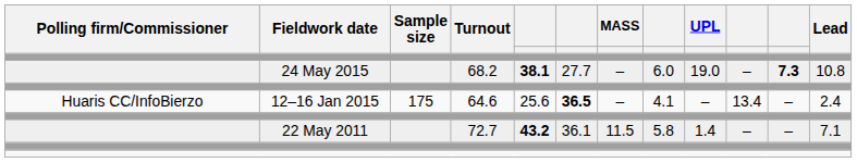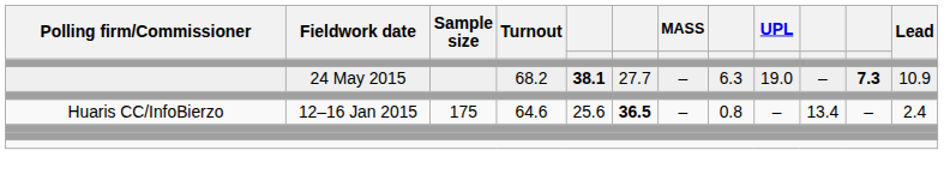 <table class="wikitable collapsible collapsed" style="text-align:center; font-size:95%; line-height:16px;">
 <tr style="height:42px;">
 <th style="width:250px;" rowspan="2">Polling firm/Commissioner</th>
 <th style="width:125px;" rowspan="2">Fieldwork date</th>
 <th style="width:50px;" rowspan="2">Sample size</th>
 <th style="width:45px;" rowspan="2">Turnout</th>
 <th style="width:35px;"></th>
 <th style="width:35px;"></th>
 <th style="width:35px; font-size:90%;">MASS</th>
 <th style="width:35px;"></th>
 <th style="width:35px;"><a href='#'>UPL</a></th>
 <th style="width:35px;"></th>
 <th style="width:35px;"></th>
 <th style="width:30px;" rowspan="2">Lead</th>
 </tr>
 <tr>
 <th style="color:inherit;background:"></th>
 <th style="color:inherit;background:"></th>
 <th style="color:inherit;background:"></th>
 <th style="color:inherit;background:"></th>
 <th style="color:inherit;background:"></th>
 <th style="color:inherit;background:"></th>
 <th style="color:inherit;background:"></th>
 </tr>
 <tr>
 <td colspan="12" style="background:#A0A0A0"></td>
 </tr>
 <tr style="background:#EFEFEF;">
 <td><strong></strong></td>
 <td>24 May 2015</td>
 <td></td>
 <td>68.2</td>
 <td><strong>38.1</strong><br></td>
 <td>27.7<br></td>
 <td>–</td>
-<td>6.0<br></td>
+<td>6.3<br></td>
 <td>19.0<br></td>
 <td>–</td>
 <td><strong>7.3<br></strong></td>
-<td style="background:">10.8</td>
+<td style="background:">10.9</td>
 </tr>
 <tr>
 <td colspan="12" style="background:#A0A0A0"></td>
 </tr>
 <tr>
 <td>Huaris CC/InfoBierzo</td>
 <td>12–16 Jan 2015</td>
 <td>175</td>
 <td>64.6</td>
 <td>25.6</td>
 <td><strong>36.5</strong></td>
 <td>–</td>
-<td>4.1</td>
+<td>0.8</td>
 <td>–</td>
 <td>13.4</td>
 <td>–</td>
 <td style="background:">2.4</td>
 </tr>
 <tr>
 <td colspan="12" style="background:#A0A0A0"></td>
 </tr>
-<tr style="background:#EFEFEF;">
-<td><strong></strong></td>
-<td>22 May 2011</td>
-<td></td>
-<td>72.7</td>
-<td><strong>43.2</strong><br></td>
-<td>36.1<br></td>
-<td>11.5<br></td>
-<td>5.8<br></td>
-<td>1.4<br></td>
-<td>–</td>
-<td>–</td>
-<td style="background:">7.1</td>
-</tr>
 <tr>
 <td colspan="12" style="background:#A0A0A0"></td>
 </tr>
 <tr>
 <td align="left" colspan="12"></td>
 </tr>
 </table>
